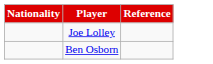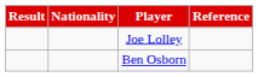 <table class="wikitable" style="text-align:center; font-size:90%">
 <tr>
+<th style="background:#DD0000; color:#FFFFFF;">Result</th>
 <th style="background:#DD0000; color:#FFFFFF;">Nationality</th>
 <th style="background:#DD0000; color:#FFFFFF;">Player</th>
 <th style="background:#DD0000; color:#FFFFFF;">Reference</th>
 </tr>
 <tr>
 <td></td>
+<td></td>
 <td><a href='#'>Joe Lolley</a></td>
 <td></td>
 </tr>
 <tr>
 <td></td>
+<td></td>
 <td><a href='#'>Ben Osborn</a></td>
 <td></td>
 </tr>
 </table>
